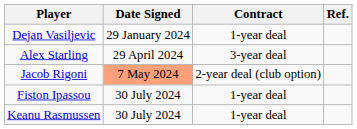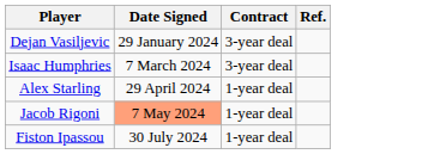 <table class="wikitable sortable sortable" style="text-align: center">
 <tr>
 <th>Player</th>
 <th>Date Signed</th>
 <th>Contract</th>
 <th>Ref.</th>
 </tr>
 <tr>
 <td><a href='#'>Dejan Vasiljevic</a></td>
 <td>29 January 2024</td>
-<td>1-year deal</td>
+<td>3-year deal</td>
+<td></td>
+</tr>
+<tr>
+<td><a href='#'>Isaac Humphries</a></td>
+<td>7 March 2024</td>
+<td>3-year deal</td>
 <td></td>
 </tr>
 <tr>
 <td><a href='#'>Alex Starling</a></td>
 <td>29 April 2024</td>
-<td>3-year deal</td>
+<td>1-year deal</td>
 <td></td>
 </tr>
 <tr>
 <td><a href='#'>Jacob Rigoni</a></td>
 <td style="background: lightsalmon;">7 May 2024</td>
-<td>2-year deal (club option)</td>
+<td>1-year deal</td>
 <td></td>
 </tr>
 <tr>
 <td><a href='#'>Fiston Ipassou</a></td>
 <td>30 July 2024</td>
 <td>1-year deal</td>
 <td></td>
 </tr>
-<tr>
-<td><a href='#'>Keanu Rasmussen</a></td>
-<td>30 July 2024</td>
-<td>1-year deal</td>
-<td></td>
-</tr>
 </table>
